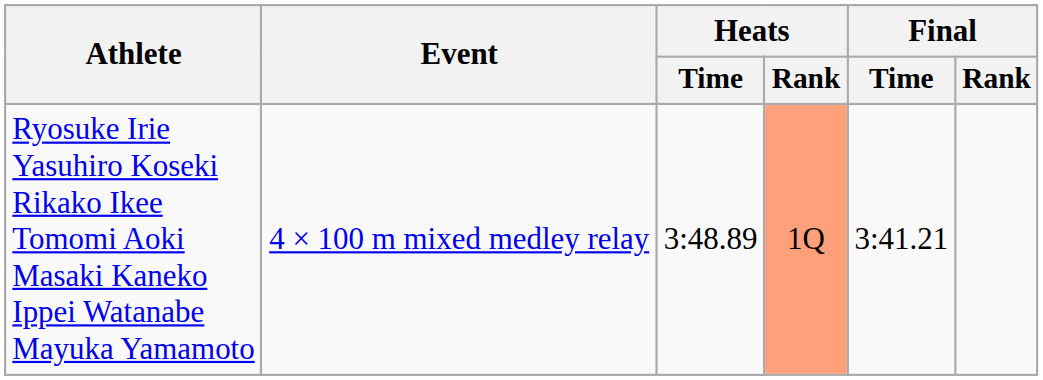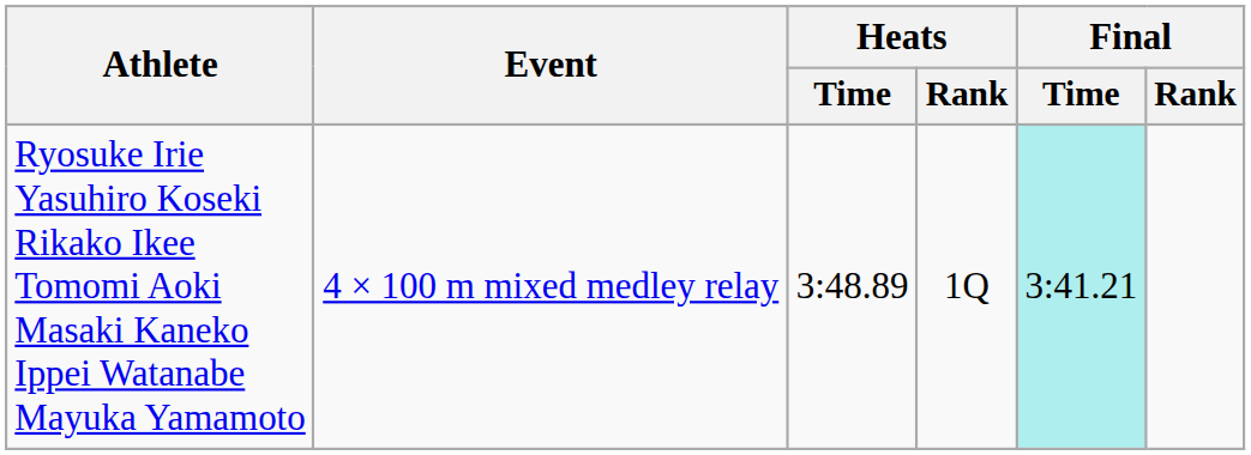 <table class=wikitable style="font-size:90%">
 <tr>
 <th rowspan="2">Athlete</th>
 <th rowspan="2">Event</th>
 <th colspan="2">Heats</th>
 <th colspan="2">Final</th>
 </tr>
 <tr style="font-size:95%">
 <th>Time</th>
 <th>Rank</th>
 <th>Time</th>
 <th>Rank</th>
 </tr>
 <tr style="text-align:center">
 <td style="text-align:left"><a href='#'>Ryosuke Irie</a><br><a href='#'>Yasuhiro Koseki</a><br><a href='#'>Rikako Ikee</a><br><a href='#'>Tomomi Aoki</a><br><a href='#'>Masaki Kaneko</a><br><a href='#'>Ippei Watanabe</a><br><a href='#'>Mayuka Yamamoto</a></td>
 <td style="text-align:left"><a href='#'>4 × 100 m mixed medley relay</a></td>
 <td>3:48.89</td>
-<td style="background: lightsalmon;">1Q</td>
-<td>3:41.21</td>
+<td>1Q</td>
+<td style="background: paleturquoise;">3:41.21</td>
 <td></td>
 </tr>
 </table>
